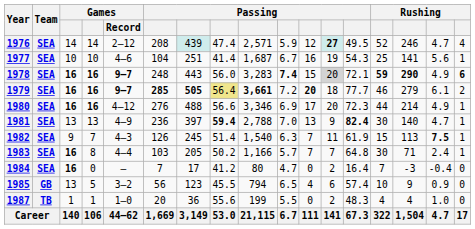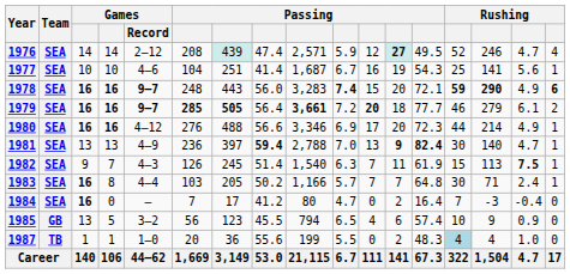 <table class="wikitable" style="text-align:center;">
 <tr>
 <th rowspan="2">Year</th>
 <th rowspan="2">Team</th>
 <th colspan="3">Games</th>
 <th colspan="8">Passing</th>
 <th colspan="4">Rushing</th>
 </tr>
 <tr>
 <th></th>
 <th></th>
 <th>Record</th>
 <th></th>
 <th></th>
 <th></th>
 <th></th>
 <th></th>
 <th></th>
 <th></th>
 <th></th>
 <th></th>
 <th></th>
 <th></th>
 <th></th>
 </tr>
 <tr>
 <th><a href='#'>1976</a></th>
 <th><a href='#'>SEA</a></th>
 <td>14</td>
 <td>14</td>
 <td>2–12</td>
 <td>208</td>
 <td style="background:#cfecec;">439</td>
 <td>47.4</td>
 <td>2,571</td>
 <td>5.9</td>
 <td>12</td>
 <td style="background:#cfecec;"><strong>27</strong></td>
 <td>49.5</td>
 <td>52</td>
 <td>246</td>
 <td>4.7</td>
 <td>4</td>
 </tr>
 <tr>
 <th><a href='#'>1977</a></th>
 <th><a href='#'>SEA</a></th>
 <td>10</td>
 <td>10</td>
 <td>4–6</td>
 <td>104</td>
 <td>251</td>
 <td>41.4</td>
 <td>1,687</td>
 <td>6.7</td>
 <td>16</td>
 <td>19</td>
 <td>54.3</td>
 <td>25</td>
 <td>141</td>
 <td>5.6</td>
 <td>1</td>
 </tr>
 <tr>
 <th><a href='#'>1978</a></th>
 <th><a href='#'>SEA</a></th>
 <td><strong>16</strong></td>
 <td><strong>16</strong></td>
 <td><strong>9–7</strong></td>
 <td>248</td>
 <td>443</td>
 <td>56.0</td>
 <td>3,283</td>
 <td><strong>7.4</strong></td>
 <td>15</td>
-<td style="background: lightgrey;">20</td>
+<td>20</td>
 <td>72.1</td>
 <td><strong>59</strong></td>
 <td><strong>290</strong></td>
 <td>4.9</td>
 <td><strong>6</strong></td>
 </tr>
 <tr>
 <th><a href='#'>1979</a></th>
 <th><a href='#'>SEA</a></th>
 <td><strong>16</strong></td>
 <td><strong>16</strong></td>
 <td><strong>9–7</strong></td>
 <td><strong>285</strong></td>
 <td><strong>505</strong></td>
-<td style="background: khaki;">56.4</td>
+<td>56.4</td>
 <td><strong>3,661</strong></td>
 <td>7.2</td>
 <td><strong>20</strong></td>
 <td>18</td>
 <td>77.7</td>
 <td>46</td>
 <td>279</td>
 <td>6.1</td>
 <td>2</td>
 </tr>
 <tr>
 <th><a href='#'>1980</a></th>
 <th><a href='#'>SEA</a></th>
 <td><strong>16</strong></td>
 <td><strong>16</strong></td>
 <td>4–12</td>
 <td>276</td>
 <td>488</td>
 <td>56.6</td>
 <td>3,346</td>
 <td>6.9</td>
 <td>17</td>
 <td>20</td>
 <td>72.3</td>
 <td>44</td>
 <td>214</td>
 <td>4.9</td>
 <td>1</td>
 </tr>
 <tr>
 <th><a href='#'>1981</a></th>
 <th><a href='#'>SEA</a></th>
 <td>13</td>
 <td>13</td>
 <td>4–9</td>
 <td>236</td>
 <td>397</td>
 <td><strong>59.4</strong></td>
 <td>2,788</td>
 <td>7.0</td>
 <td>13</td>
-<td>9</td>
+<td><strong>9</strong></td>
 <td><strong>82.4</strong></td>
 <td>30</td>
 <td>140</td>
 <td>4.7</td>
 <td>1</td>
 </tr>
 <tr>
 <th><a href='#'>1982</a></th>
 <th><a href='#'>SEA</a></th>
 <td>9</td>
 <td>7</td>
 <td>4–3</td>
 <td>126</td>
 <td>245</td>
 <td>51.4</td>
 <td>1,540</td>
 <td>6.3</td>
 <td>7</td>
 <td>11</td>
 <td>61.9</td>
 <td>15</td>
 <td>113</td>
 <td><strong>7.5</strong></td>
 <td>1</td>
 </tr>
 <tr>
 <th><a href='#'>1983</a></th>
 <th><a href='#'>SEA</a></th>
 <td><strong>16</strong></td>
 <td>8</td>
 <td>4–4</td>
 <td>103</td>
 <td>205</td>
 <td>50.2</td>
 <td>1,166</td>
 <td>5.7</td>
 <td>7</td>
 <td>7</td>
 <td>64.8</td>
 <td>30</td>
 <td>71</td>
 <td>2.4</td>
 <td>1</td>
 </tr>
 <tr>
 <th><a href='#'>1984</a></th>
 <th><a href='#'>SEA</a></th>
 <td><strong>16</strong></td>
 <td>0</td>
 <td>—</td>
 <td>7</td>
 <td>17</td>
 <td>41.2</td>
 <td>80</td>
 <td>4.7</td>
 <td>0</td>
 <td>2</td>
 <td>16.4</td>
 <td>7</td>
 <td>-3</td>
 <td>-0.4</td>
 <td>0</td>
 </tr>
 <tr>
 <th><a href='#'>1985</a></th>
 <th><a href='#'>GB</a></th>
 <td>13</td>
 <td>5</td>
 <td>3–2</td>
 <td>56</td>
 <td>123</td>
 <td>45.5</td>
 <td>794</td>
 <td>6.5</td>
 <td>4</td>
 <td>6</td>
 <td>57.4</td>
 <td>10</td>
 <td>9</td>
 <td>0.9</td>
 <td>0</td>
 </tr>
 <tr>
 <th><a href='#'>1987</a></th>
 <th><a href='#'>TB</a></th>
 <td>1</td>
 <td>1</td>
 <td>1–0</td>
 <td>20</td>
 <td>36</td>
 <td>55.6</td>
 <td>199</td>
 <td>5.5</td>
 <td>0</td>
 <td>2</td>
 <td>48.3</td>
-<td>4</td>
+<td style="background: lightblue;">4</td>
 <td>4</td>
 <td>1.0</td>
 <td>0</td>
 </tr>
 <tr>
 <th colspan="2">Career</th>
 <th>140</th>
 <th>106</th>
 <th>44–62</th>
 <th>1,669</th>
 <th>3,149</th>
 <th>53.0</th>
 <th>21,115</th>
 <th>6.7</th>
 <th>111</th>
 <th>141</th>
 <th>67.3</th>
 <th>322</th>
 <th>1,504</th>
 <th>4.7</th>
 <th>17</th>
 </tr>
 </table>
